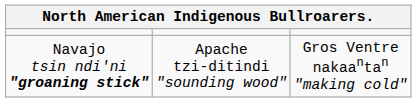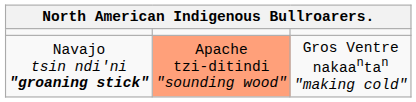 <table class="wikitable" style="float:right">
 <tr>
 <th colspan="3">North American Indigenous Bullroarers.</th>
 </tr>
 <tr>
 <td></td>
 <td></td>
 <td></td>
 </tr>
 <tr style="text-align:center;">
 <td>Navajo<br><em>tsin ndi'ni<strong><br>"groaning stick"</td>
-<td>Apache<br></em>tzi-ditindi<em><br>"sounding wood"</td>
+<td style="background: lightsalmon;">Apache<br></em>tzi-ditindi<em><br>"sounding wood"</td>
 <td>Gros Ventre<br></em>nakaa<sup>n</sup>ta<sup>n</sup><em><br>"making cold"</td>
 </tr>
 </table>
